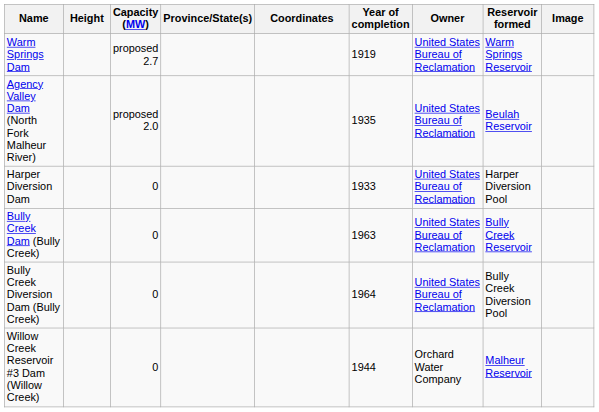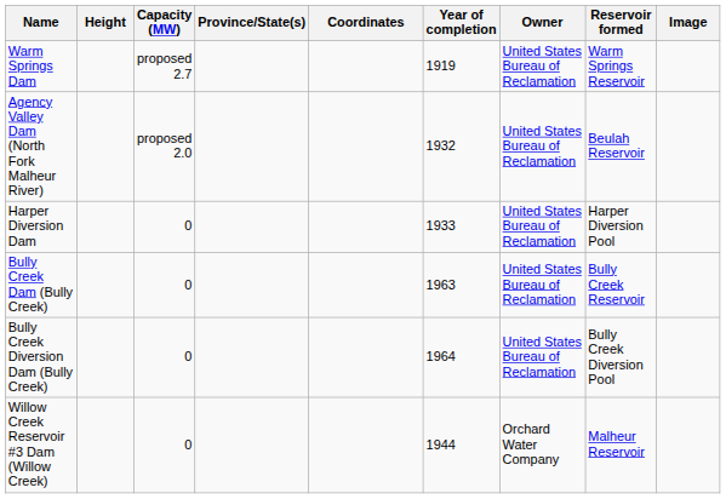 <table class="wikitable sortable" border="1">
 <tr>
 <th width="10%">Name</th>
 <th width="8%">Height</th>
 <th width="8%">Capacity (<a href='#'>MW</a>)</th>
 <th width="15%">Province/State(s)</th>
 <th width="16%">Coordinates</th>
 <th width="10%">Year of completion</th>
 <th width="12%">Owner</th>
 <th width="10%">Reservoir formed</th>
 <th>Image</th>
 </tr>
 <tr>
 <td><a href='#'>Warm Springs Dam</a></td>
 <td></td>
 <td align="right">proposed 2.7</td>
 <td></td>
 <td></td>
 <td>1919</td>
 <td><a href='#'>United States Bureau of Reclamation</a></td>
 <td><a href='#'>Warm Springs Reservoir</a></td>
 <td></td>
 </tr>
 <tr>
 <td><a href='#'>Agency Valley Dam</a> (North Fork Malheur River)</td>
 <td></td>
 <td align="right">proposed 2.0</td>
 <td></td>
 <td></td>
-<td>1935</td>
+<td>1932</td>
 <td><a href='#'>United States Bureau of Reclamation</a></td>
 <td><a href='#'>Beulah Reservoir</a></td>
 <td></td>
 </tr>
 <tr>
 <td>Harper Diversion Dam</td>
 <td></td>
 <td align="right">0</td>
 <td></td>
 <td></td>
 <td>1933</td>
 <td><a href='#'>United States Bureau of Reclamation</a></td>
 <td>Harper Diversion Pool</td>
 <td></td>
 </tr>
 <tr>
 <td><a href='#'>Bully Creek Dam</a> (Bully Creek)</td>
 <td></td>
 <td align="right">0</td>
 <td></td>
 <td></td>
 <td>1963</td>
 <td><a href='#'>United States Bureau of Reclamation</a></td>
 <td><a href='#'>Bully Creek Reservoir</a></td>
 <td></td>
 </tr>
 <tr>
 <td>Bully Creek Diversion Dam (Bully Creek)</td>
 <td></td>
 <td align="right">0</td>
 <td></td>
 <td></td>
 <td>1964</td>
 <td><a href='#'>United States Bureau of Reclamation</a></td>
 <td>Bully Creek Diversion Pool</td>
 <td></td>
 </tr>
 <tr>
 <td>Willow Creek Reservoir #3 Dam (Willow Creek)</td>
 <td></td>
 <td align="right">0</td>
 <td></td>
 <td></td>
 <td>1944</td>
 <td>Orchard Water Company</td>
 <td><a href='#'>Malheur Reservoir</a></td>
 <td></td>
 </tr>
 </table>
